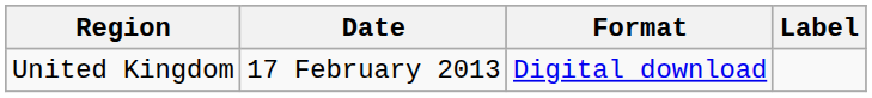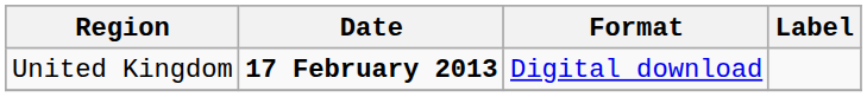 <table class=wikitable>
 <tr>
 <th>Region</th>
 <th>Date</th>
 <th>Format</th>
 <th>Label</th>
 </tr>
 <tr>
 <td>United Kingdom</td>
-<td>17 February 2013</td>
+<td><strong>17 February 2013</strong></td>
 <td><a href='#'>Digital download</a></td>
 <td></td>
 </tr>
 <tr>
 </tr>
 </table>
